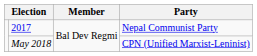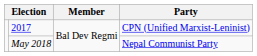 <table class="wikitable">
 <tr>
 <th colspan="2">Election</th>
 <th>Member</th>
 <th>Party</th>
 </tr>
 <tr>
 <td rowspan="2" style="background-color:"></td>
 <td><a href='#'>2017</a></td>
 <td rowspan="2">Bal Dev Regmi</td>
-<td><a href='#'>Nepal Communist Party</a></td>
+<td><a href='#'>CPN (Unified Marxist-Leninist)</a></td>
 </tr>
 <tr>
 <td><em>May 2018</em></td>
-<td><a href='#'>CPN (Unified Marxist-Leninist)</a></td>
+<td><a href='#'>Nepal Communist Party</a></td>
 </tr>
 </table>
